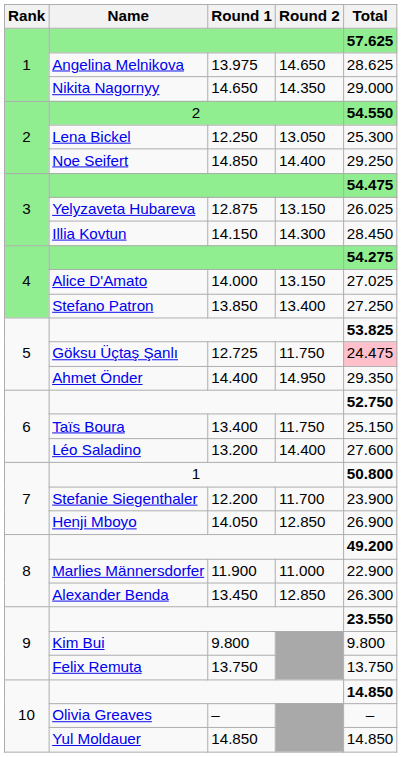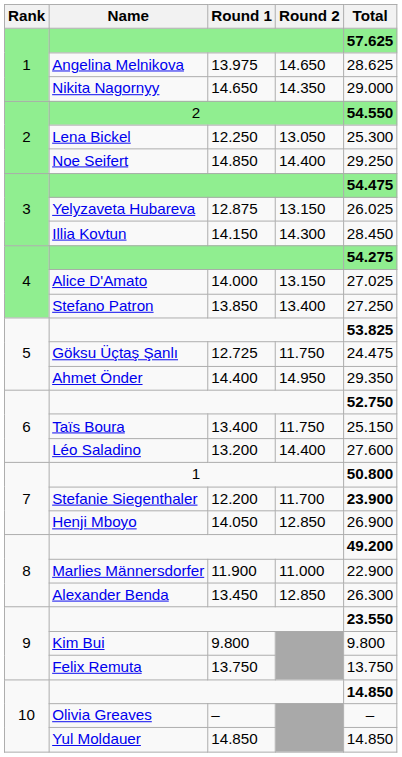 <table class="wikitable" white-space:nowrap">
 <tr>
 <th>Rank</th>
 <th>Name</th>
 <th>Round 1</th>
 <th>Round 2</th>
 <th>Total</th>
 </tr>
 <tr bgcolor="lightgreen">
 <td rowspan="3" align=center>1</td>
 <td align=center colspan="3"></td>
 <td><strong>57.625</strong></td>
 </tr>
 <tr>
 <td><a href='#'>Angelina Melnikova</a></td>
 <td> 13.975</td>
 <td> 14.650</td>
 <td>28.625</td>
 </tr>
 <tr>
 <td><a href='#'>Nikita Nagornyy</a></td>
 <td> 14.650</td>
 <td> 14.350</td>
 <td>29.000</td>
 </tr>
 <tr bgcolor="lightgreen">
 <td rowspan="3" align=center>2</td>
 <td align=center colspan="3"> 2</td>
 <td><strong>54.550</strong></td>
 </tr>
 <tr>
 <td><a href='#'>Lena Bickel</a></td>
 <td> 12.250</td>
 <td> 13.050</td>
 <td>25.300</td>
 </tr>
 <tr>
 <td><a href='#'>Noe Seifert</a></td>
 <td> 14.850</td>
 <td> 14.400</td>
 <td>29.250</td>
 </tr>
 <tr bgcolor="lightgreen">
 <td rowspan="3" align=center>3</td>
 <td align=center colspan="3"></td>
 <td><strong>54.475</strong></td>
 </tr>
 <tr>
 <td><a href='#'>Yelyzaveta Hubareva</a></td>
 <td> 12.875</td>
 <td> 13.150</td>
 <td>26.025</td>
 </tr>
 <tr>
 <td><a href='#'>Illia Kovtun</a></td>
 <td> 14.150</td>
 <td> 14.300</td>
 <td>28.450</td>
 </tr>
 <tr bgcolor="lightgreen">
 <td rowspan="3" align=center>4</td>
 <td align=center colspan="3"></td>
 <td><strong>54.275</strong></td>
 </tr>
 <tr>
 <td><a href='#'>Alice D'Amato</a></td>
 <td> 14.000</td>
 <td> 13.150</td>
 <td>27.025</td>
 </tr>
 <tr>
 <td><a href='#'>Stefano Patron</a></td>
 <td> 13.850</td>
 <td> 13.400</td>
 <td>27.250</td>
 </tr>
 <tr>
 <td rowspan="3" align=center>5</td>
 <td align=center colspan="3"></td>
 <td><strong>53.825</strong></td>
 </tr>
 <tr>
 <td><a href='#'>Göksu Üçtaş Şanlı</a></td>
 <td> 12.725</td>
 <td> 11.750</td>
-<td style="background: pink;">24.475</td>
+<td>24.475</td>
 </tr>
 <tr>
 <td><a href='#'>Ahmet Önder</a></td>
 <td> 14.400</td>
 <td> 14.950</td>
 <td>29.350</td>
 </tr>
 <tr>
 <td rowspan="3" align=center>6</td>
 <td align=center colspan="3"></td>
 <td><strong>52.750</strong></td>
 </tr>
 <tr>
 <td><a href='#'>Taïs Boura</a></td>
 <td> 13.400</td>
 <td> 11.750</td>
 <td>25.150</td>
 </tr>
 <tr>
 <td><a href='#'>Léo Saladino</a></td>
 <td> 13.200</td>
 <td> 14.400</td>
 <td>27.600</td>
 </tr>
 <tr>
 <td rowspan="3" align=center>7</td>
 <td align=center colspan="3"> 1</td>
 <td><strong>50.800</strong></td>
 </tr>
 <tr>
 <td><a href='#'>Stefanie Siegenthaler</a></td>
 <td> 12.200</td>
 <td> 11.700</td>
-<td>23.900</td>
+<td><strong>23.900</strong></td>
 </tr>
 <tr>
 <td><a href='#'>Henji Mboyo</a></td>
 <td> 14.050</td>
 <td> 12.850</td>
 <td>26.900</td>
 </tr>
 <tr>
 <td rowspan="3" align=center>8</td>
 <td align=center colspan="3"></td>
 <td><strong>49.200</strong></td>
 </tr>
 <tr>
 <td><a href='#'>Marlies Männersdorfer</a></td>
 <td> 11.900</td>
 <td> 11.000</td>
 <td>22.900</td>
 </tr>
 <tr>
 <td><a href='#'>Alexander Benda</a></td>
 <td> 13.450</td>
 <td> 12.850</td>
 <td>26.300</td>
 </tr>
 <tr>
 <td rowspan="3" align=center>9</td>
 <td align=center colspan="3"></td>
 <td><strong>23.550</strong></td>
 </tr>
 <tr>
 <td><a href='#'>Kim Bui</a></td>
 <td> 9.800</td>
 <td rowspan="2" bgcolor="darkgrey"></td>
 <td>9.800</td>
 </tr>
 <tr>
 <td><a href='#'>Felix Remuta</a></td>
 <td> 13.750</td>
 <td>13.750</td>
 </tr>
 <tr>
 <td rowspan="3" align=center>10</td>
 <td align=center colspan="3"></td>
 <td><strong>14.850</strong></td>
 </tr>
 <tr>
 <td><a href='#'>Olivia Greaves</a></td>
 <td align=left> – </td>
 <td rowspan="2" bgcolor="darkgrey"></td>
 <td align=center>–</td>
 </tr>
 <tr>
 <td><a href='#'>Yul Moldauer</a></td>
 <td> 14.850</td>
 <td>14.850</td>
 </tr>
 </table>
